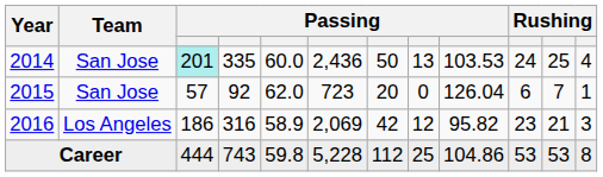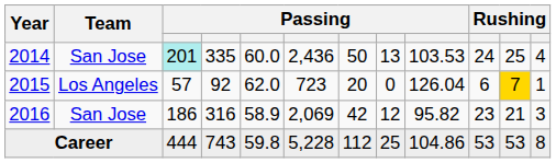 <table class="wikitable sortable" style="text-align:center">
 <tr>
 <th rowspan=2>Year</th>
 <th rowspan=2>Team</th>
 <th colspan=7>Passing</th>
 <th colspan=3>Rushing</th>
 </tr>
 <tr>
 <th></th>
 <th></th>
 <th></th>
 <th></th>
 <th></th>
 <th></th>
 <th></th>
 <th></th>
 <th></th>
 <th></th>
 </tr>
 <tr>
 <td><a href='#'>2014</a></td>
 <td><a href='#'>San Jose</a></td>
 <td style="background: paleturquoise;">201</td>
 <td>335</td>
 <td>60.0</td>
 <td>2,436</td>
 <td>50</td>
 <td>13</td>
 <td>103.53</td>
 <td>24</td>
 <td>25</td>
 <td>4</td>
 </tr>
 <tr>
 <td><a href='#'>2015</a></td>
-<td><a href='#'>San Jose</a></td>
+<td><a href='#'>Los Angeles</a></td>
 <td>57</td>
 <td>92</td>
 <td>62.0</td>
 <td>723</td>
 <td>20</td>
 <td>0</td>
 <td>126.04</td>
 <td>6</td>
-<td>7</td>
+<td style="background: gold;">7</td>
 <td>1</td>
 </tr>
 <tr>
 <td><a href='#'>2016</a></td>
-<td><a href='#'>Los Angeles</a></td>
+<td><a href='#'>San Jose</a></td>
 <td>186</td>
 <td>316</td>
 <td>58.9</td>
 <td>2,069</td>
 <td>42</td>
 <td>12</td>
 <td>95.82</td>
 <td>23</td>
 <td>21</td>
 <td>3</td>
 </tr>
 <tr class="sortbottom" style="background:#eee;">
 <td colspan=2><strong>Career</strong></td>
 <td>444</td>
 <td>743</td>
 <td>59.8</td>
 <td>5,228</td>
 <td>112</td>
 <td>25</td>
 <td>104.86</td>
 <td>53</td>
 <td>53</td>
 <td>8</td>
 </tr>
 </table>
